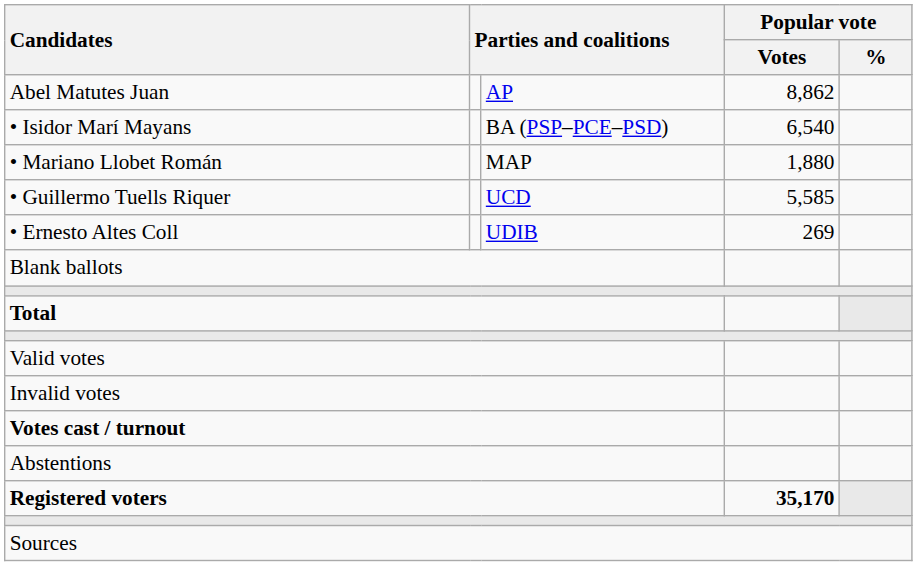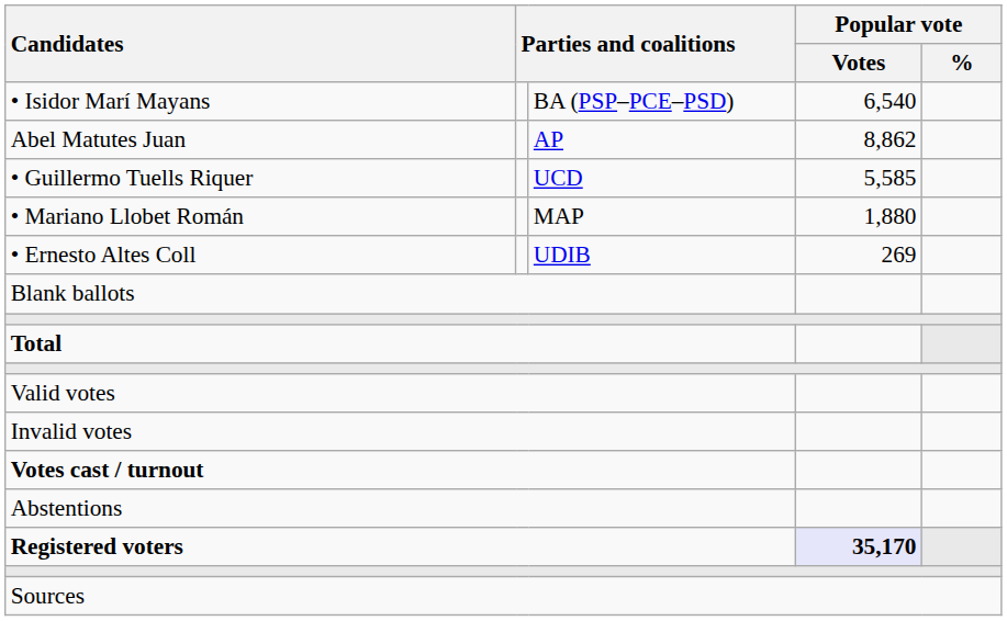 <table class="wikitable" style="text-align:right; font-size:95%;">
 <tr>
 <th style="text-align:left;" rowspan="2" width="325">Candidates</th>
 <th style="text-align:left;" rowspan="2" colspan="2" width="175">Parties and coalitions</th>
 <th colspan="2">Popular vote</th>
 </tr>
 <tr>
 <th width="75">Votes</th>
 <th width="45">%</th>
 </tr>
 <tr>
+<td align="left">• Isidor Marí Mayans</td>
+<td style="color:inherit;background:"></td>
+<td align="left">BA (<a href='#'>PSP</a>–<a href='#'>PCE</a>–<a href='#'>PSD</a>)</td>
+<td>6,540</td>
+<td></td>
+</tr>
+<tr>
 <td align="left"> Abel Matutes Juan</td>
 <td width="1" style="color:inherit;background:"></td>
 <td align="left"><a href='#'>AP</a></td>
 <td>8,862</td>
 <td></td>
 </tr>
 <tr>
-<td align="left">• Isidor Marí Mayans</td>
+<td align="left">• Guillermo Tuells Riquer</td>
 <td style="color:inherit;background:"></td>
-<td align="left">BA (<a href='#'>PSP</a>–<a href='#'>PCE</a>–<a href='#'>PSD</a>)</td>
-<td>6,540</td>
+<td align="left"><a href='#'>UCD</a></td>
+<td>5,585</td>
 <td></td>
 </tr>
 <tr>
 <td align="left">• Mariano Llobet Román</td>
 <td style="color:inherit;background:"></td>
 <td align="left">MAP</td>
 <td>1,880</td>
-<td></td>
-</tr>
-<tr>
-<td align="left">• Guillermo Tuells Riquer</td>
-<td style="color:inherit;background:"></td>
-<td align="left"><a href='#'>UCD</a></td>
-<td>5,585</td>
 <td></td>
 </tr>
 <tr>
 <td align="left">• Ernesto Altes Coll</td>
 <td style="color:inherit;background:"></td>
 <td align="left"><a href='#'>UDIB</a></td>
 <td>269</td>
 <td></td>
 </tr>
 <tr>
 <td align="left" colspan="3">Blank ballots</td>
 <td></td>
 <td></td>
 </tr>
 <tr>
 <td colspan="5" bgcolor="#E9E9E9"></td>
 </tr>
 <tr style="font-weight:bold;">
 <td align="left" colspan="3">Total</td>
 <td></td>
 <td bgcolor="#E9E9E9"></td>
 </tr>
 <tr>
 <td colspan="5" bgcolor="#E9E9E9"></td>
 </tr>
 <tr>
 <td align="left" colspan="3">Valid votes</td>
 <td></td>
 <td></td>
 </tr>
 <tr>
 <td align="left" colspan="3">Invalid votes</td>
 <td></td>
 <td></td>
 </tr>
 <tr style="font-weight:bold;">
 <td align="left" colspan="3">Votes cast / turnout</td>
 <td></td>
 <td></td>
 </tr>
 <tr>
 <td align="left" colspan="3">Abstentions</td>
 <td></td>
 <td></td>
 </tr>
 <tr style="font-weight:bold;">
 <td align="left" colspan="3">Registered voters</td>
-<td>35,170</td>
+<td style="background: lavender;">35,170</td>
 <td bgcolor="#E9E9E9"></td>
 </tr>
 <tr>
 <td colspan="5" bgcolor="#E9E9E9"></td>
 </tr>
 <tr>
 <td align="left" colspan="5">Sources</td>
 </tr>
 </table>
